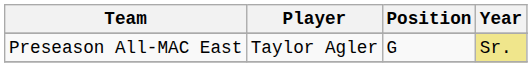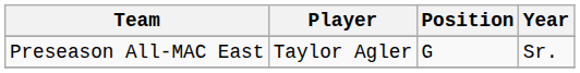 <table class="wikitable" border="1">
 <tr align=center>
 <th style= >Team</th>
 <th style= >Player</th>
 <th style= >Position</th>
 <th style= >Year</th>
 </tr>
 <tr align="center">
 </tr>
 <tr>
 <td>Preseason All-MAC East</td>
 <td>Taylor Agler</td>
 <td>G</td>
-<td style="background: khaki;">Sr.</td>
+<td>Sr.</td>
 </tr>
 <tr>
 </tr>
 </table>
